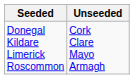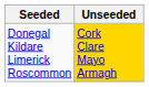 <table class="wikitable" style="font-size:80%">
 <tr>
 <th width="50%">Seeded</th>
 <th width="50%">Unseeded</th>
 </tr>
 <tr>
 <td valign="top"> <a href='#'>Donegal</a><br> <a href='#'>Kildare</a><br> <a href='#'>Limerick</a><br> <a href='#'>Roscommon</a></td>
-<td valign="top"> <a href='#'>Cork</a><br> <a href='#'>Clare</a><br> <a href='#'>Mayo</a><br> <a href='#'>Armagh</a></td>
+<td valign="top" style="background: gold;"> <a href='#'>Cork</a><br> <a href='#'>Clare</a><br> <a href='#'>Mayo</a><br> <a href='#'>Armagh</a></td>
 </tr>
 </table>
